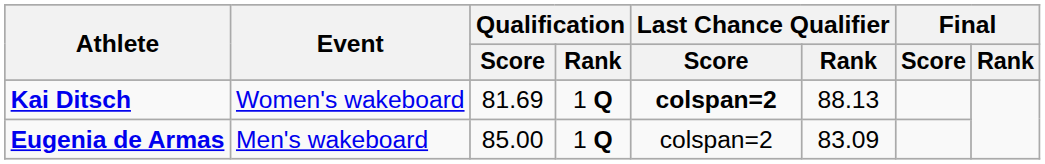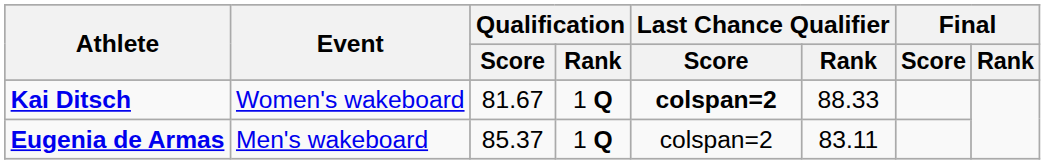 <table class=wikitable style=font-size:90%;text-align:center>
 <tr>
 <th rowspan=2>Athlete</th>
 <th rowspan=2>Event</th>
 <th colspan=2>Qualification</th>
 <th colspan=2>Last Chance Qualifier</th>
 <th colspan=2>Final</th>
 </tr>
 <tr style=font-size:95%>
 <th>Score</th>
 <th>Rank</th>
 <th>Score</th>
 <th>Rank</th>
 <th>Score</th>
 <th>Rank</th>
 </tr>
 <tr>
 <td align=left><strong><a href='#'>Kai Ditsch</a></strong></td>
 <td align=left><a href='#'>Women's wakeboard</a></td>
-<td>81.69</td>
+<td>81.67</td>
 <td>1 <strong>Q</strong></td>
 <td><strong>colspan=2 </strong></td>
-<td>88.13</td>
+<td>88.33</td>
 <td></td>
 </tr>
 <tr>
 <td align=left><strong><a href='#'>Eugenia de Armas</a></strong></td>
 <td align=left><a href='#'>Men's wakeboard</a></td>
-<td>85.00</td>
+<td>85.37</td>
 <td>1 <strong>Q</strong></td>
 <td>colspan=2 </td>
-<td>83.09</td>
+<td>83.11</td>
 <td></td>
 </tr>
 </table>
